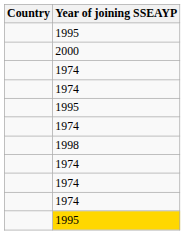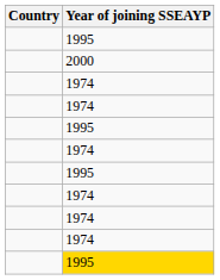 <table class="wikitable">
 <tr>
 <th>Country</th>
 <th>Year of joining SSEAYP</th>
 </tr>
 <tr>
 <td></td>
 <td>1995</td>
 </tr>
 <tr>
 <td></td>
 <td>2000</td>
 </tr>
 <tr>
 <td></td>
 <td>1974</td>
 </tr>
 <tr>
 <td></td>
 <td>1974</td>
 </tr>
 <tr>
 <td></td>
 <td>1995</td>
 </tr>
 <tr>
 <td></td>
 <td>1974</td>
 </tr>
 <tr>
 <td></td>
-<td>1998</td>
+<td>1995</td>
 </tr>
 <tr>
 <td></td>
 <td>1974</td>
 </tr>
 <tr>
 <td></td>
 <td>1974</td>
 </tr>
 <tr>
 <td></td>
 <td>1974</td>
 </tr>
 <tr>
 <td></td>
 <td style="background: gold;">1995</td>
 </tr>
 </table>
